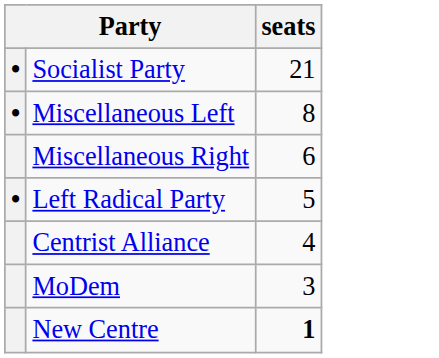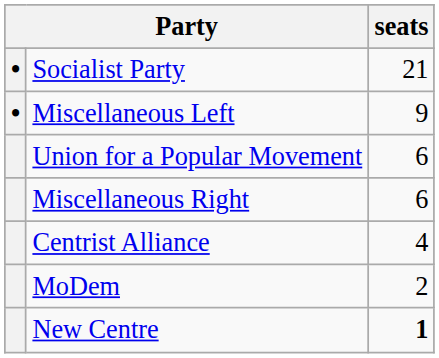 <table class="wikitable" style="font-size: 95%;">
 <tr>
 <th colspan=2>Party</th>
 <th>seats</th>
 </tr>
 <tr>
 <th style="background-color: "><span>•</span></th>
 <td><a href='#'>Socialist Party</a></td>
 <td align="right">21</td>
 </tr>
 <tr>
 <th style="background-color: "><span>•</span></th>
 <td><a href='#'>Miscellaneous Left</a></td>
-<td align="right">8</td>
+<td align="right">9</td>
+</tr>
+<tr>
+<th style="background-color: "></th>
+<td><a href='#'>Union for a Popular Movement</a></td>
+<td align="right">6</td>
 </tr>
 <tr>
 <th style="background-color: "></th>
 <td><a href='#'>Miscellaneous Right</a></td>
 <td align="right">6</td>
-</tr>
-<tr>
-<th style="background-color: "><span>•</span></th>
-<td><a href='#'>Left Radical Party</a></td>
-<td align="right">5</td>
 </tr>
 <tr>
 <th style="background-color: "></th>
 <td><a href='#'>Centrist Alliance</a></td>
 <td align="right">4</td>
 </tr>
 <tr>
 <th style="background-color: "></th>
 <td><a href='#'>MoDem</a></td>
-<td align="right">3</td>
+<td align="right">2</td>
 </tr>
 <tr>
 <th style="background-color: "></th>
 <td><a href='#'>New Centre</a></td>
 <td align="right"><strong>1</strong></td>
 </tr>
 </table>
